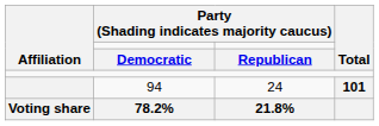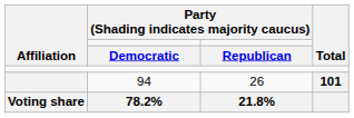 <table class=wikitable style="text-align:center">
 <tr style="vertical-align:bottom;">
 <th rowspan=3>Affiliation</th>
 <th colspan=2>Party <div>(Shading indicates majority caucus)</div></th>
 <th rowspan=3>Total</th>
 </tr>
 <tr style="height:5px">
 <td style="background-color:"></td>
 <td style="background-color:"></td>
 </tr>
 <tr>
 <th><a href='#'>Democratic</a></th>
 <th><a href='#'>Republican</a></th>
 </tr>
 <tr>
 <td colspan=5></td>
 </tr>
 <tr>
 <th nowrap style="font-size:80%"></th>
 <td>94</td>
-<td>24</td>
+<td>26</td>
 <th>101</th>
 </tr>
 <tr>
 <th>Voting share</th>
 <th>78.2%</th>
 <th>21.8%</th>
 <th colspan=2></th>
 </tr>
 </table>
